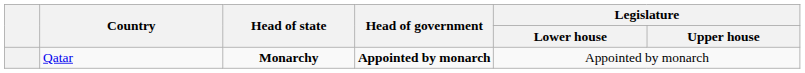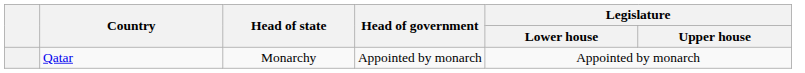 <table class="wikitable" style="text-align:center">
 <tr>
 <th width=35 rowspan=2></th>
 <th width=210 rowspan=2>Country</th>
 <th width=150 rowspan=2>Head of state</th>
 <th rowspan="2">Head of government</th>
 <th colspan=2>Legislature</th>
 </tr>
 <tr>
 <th width=175>Lower house</th>
 <th width=175>Upper house</th>
 </tr>
 <tr>
 <th></th>
 <td style="text-align:left"><a href='#'>Qatar</a></td>
-<td><strong>Monarchy</strong></td>
-<td><strong>Appointed by monarch</strong></td>
+<td>Monarchy</td>
+<td>Appointed by monarch</td>
 <td colspan=2>Appointed by monarch</td>
 </tr>
 </table>
